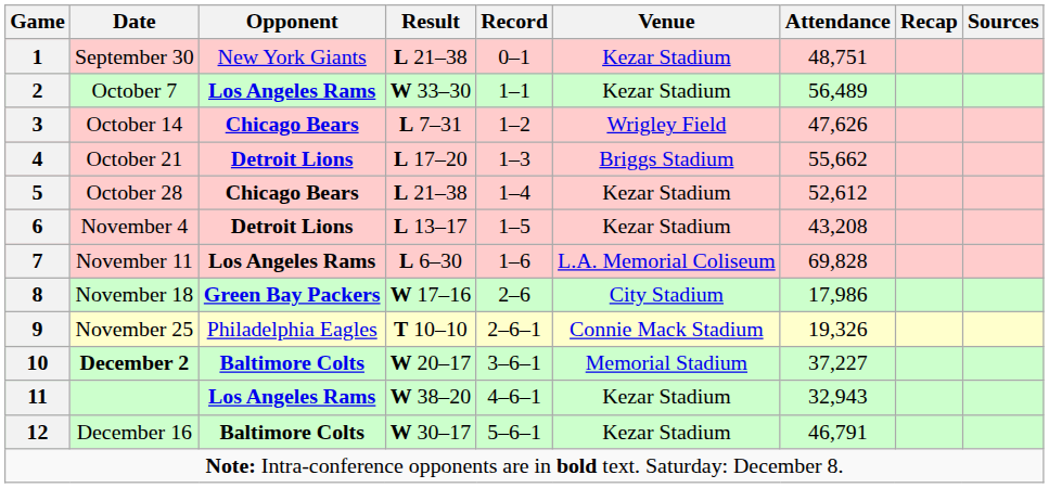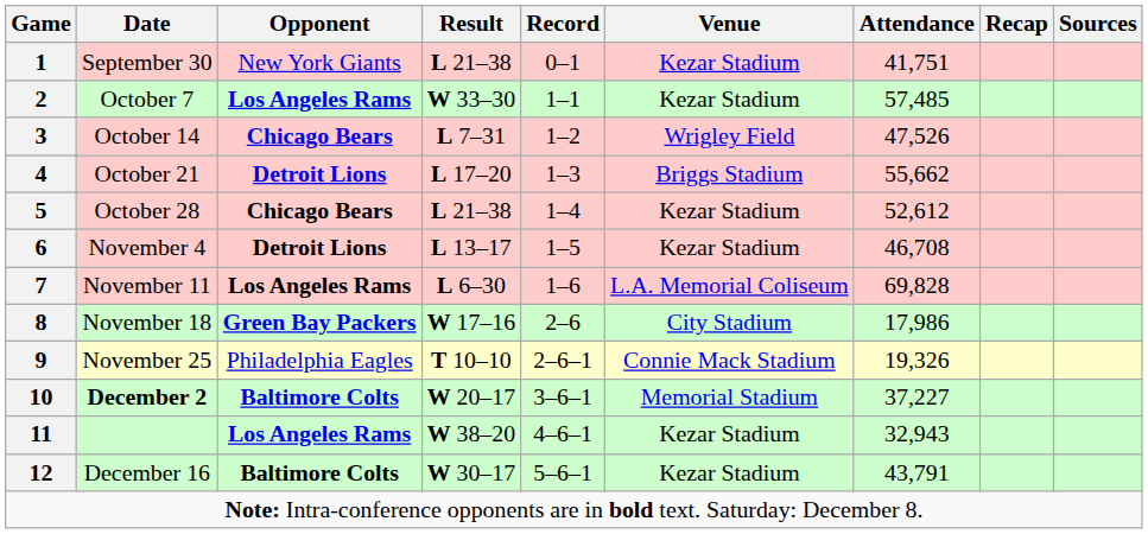 <table class="wikitable" style="text-align:center">
 <tr>
 <th>Game</th>
 <th>Date</th>
 <th>Opponent</th>
 <th>Result</th>
 <th>Record</th>
 <th>Venue</th>
 <th>Attendance</th>
 <th>Recap</th>
 <th>Sources</th>
 </tr>
 <tr style="background:#fcc">
 <th>1</th>
 <td>September 30</td>
 <td><a href='#'>New York Giants</a></td>
 <td><strong>L</strong> 21–38</td>
 <td>0–1</td>
 <td><a href='#'>Kezar Stadium</a></td>
-<td>48,751</td>
+<td>41,751</td>
 <td></td>
 <td></td>
 </tr>
 <tr style="background:#cfc">
 <th>2</th>
 <td>October 7</td>
 <td><strong><a href='#'>Los Angeles Rams</a></strong></td>
 <td><strong>W</strong> 33–30</td>
 <td>1–1</td>
 <td>Kezar Stadium</td>
-<td>56,489</td>
+<td>57,485</td>
 <td></td>
 <td></td>
 </tr>
 <tr style="background:#fcc">
 <th>3</th>
 <td>October 14</td>
 <td><strong><a href='#'>Chicago Bears</a></strong></td>
 <td><strong>L</strong> 7–31</td>
 <td>1–2</td>
 <td><a href='#'>Wrigley Field</a></td>
-<td>47,626</td>
+<td>47,526</td>
 <td></td>
 <td></td>
 </tr>
 <tr style="background:#fcc">
 <th>4</th>
 <td>October 21</td>
 <td><strong><a href='#'>Detroit Lions</a></strong></td>
 <td><strong>L</strong> 17–20</td>
 <td>1–3</td>
 <td><a href='#'>Briggs Stadium</a></td>
 <td>55,662</td>
 <td></td>
 <td></td>
 </tr>
 <tr style="background:#fcc">
 <th>5</th>
 <td>October 28</td>
 <td><strong>Chicago Bears</strong></td>
 <td><strong>L</strong> 21–38</td>
 <td>1–4</td>
 <td>Kezar Stadium</td>
 <td>52,612</td>
 <td></td>
 <td></td>
 </tr>
 <tr style="background:#fcc">
 <th>6</th>
 <td>November 4</td>
 <td><strong>Detroit Lions</strong></td>
 <td><strong>L</strong> 13–17</td>
 <td>1–5</td>
 <td>Kezar Stadium</td>
-<td>43,208</td>
+<td>46,708</td>
 <td></td>
 <td></td>
 </tr>
 <tr style="background:#fcc">
 <th>7</th>
 <td>November 11</td>
 <td><strong>Los Angeles Rams</strong></td>
 <td><strong>L</strong> 6–30</td>
 <td>1–6</td>
 <td><a href='#'>L.A. Memorial Coliseum</a></td>
 <td>69,828</td>
 <td></td>
 <td></td>
 </tr>
 <tr style="background:#cfc">
 <th>8</th>
 <td>November 18</td>
 <td><strong><a href='#'>Green Bay Packers</a></strong></td>
 <td><strong>W</strong> 17–16</td>
 <td>2–6</td>
 <td><a href='#'>City Stadium</a></td>
 <td>17,986</td>
 <td></td>
 <td></td>
 </tr>
 <tr style="background:#ffc">
 <th>9</th>
 <td>November 25</td>
 <td><a href='#'>Philadelphia Eagles</a></td>
 <td><strong>T</strong> 10–10</td>
 <td>2–6–1</td>
 <td><a href='#'>Connie Mack Stadium</a></td>
 <td>19,326</td>
 <td></td>
 <td></td>
 </tr>
 <tr style="background:#cfc">
 <th>10</th>
 <td><strong>December 2</strong></td>
 <td><strong><a href='#'>Baltimore Colts</a></strong></td>
 <td><strong>W</strong> 20–17</td>
 <td>3–6–1</td>
 <td><a href='#'>Memorial Stadium</a></td>
 <td>37,227</td>
 <td></td>
 <td></td>
 </tr>
 <tr style="background:#cfc">
 <th>11</th>
 <td></td>
 <td><strong><a href='#'>Los Angeles Rams</a></strong></td>
 <td><strong>W</strong> 38–20</td>
 <td>4–6–1</td>
 <td>Kezar Stadium</td>
 <td>32,943</td>
 <td></td>
 <td></td>
 </tr>
 <tr style="background:#cfc">
 <th>12</th>
 <td>December 16</td>
 <td><strong>Baltimore Colts</strong></td>
 <td><strong>W</strong> 30–17</td>
 <td>5–6–1</td>
 <td>Kezar Stadium</td>
-<td>46,791</td>
+<td>43,791</td>
 <td></td>
 <td></td>
 </tr>
 <tr>
 <td colspan="10"><strong>Note:</strong> Intra-conference opponents are in <strong>bold</strong> text. Saturday: December 8.</td>
 </tr>
 </table>
